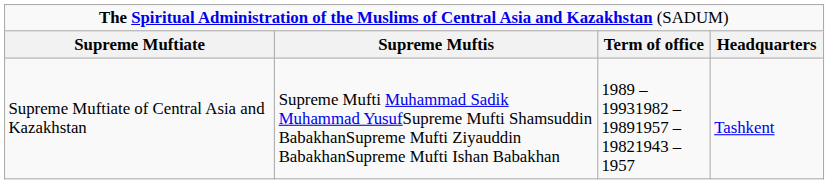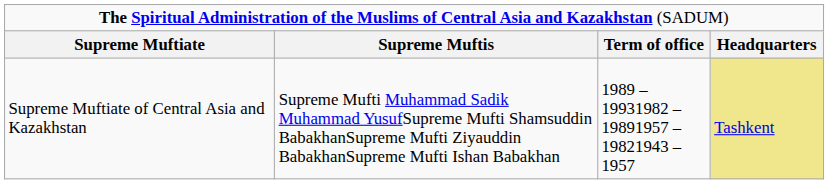 <table class=wikitable>
 <tr>
 <td colspan=4 align=center><strong>The <a href='#'>Spiritual Administration of the Muslims of Central Asia and Kazakhstan</a></strong> (SADUM)</td>
 </tr>
 <tr>
 <th scope="row" width="250">Supreme Muftiate</th>
 <th scope="row" width="300">Supreme Muftis</th>
 <th scope="row" width="100">Term of office</th>
 <th scope="row" width="100">Headquarters</th>
 </tr>
 <tr>
 <td>Supreme Muftiate of Central Asia and Kazakhstan</td>
 <td><br>Supreme Mufti <a href='#'>Muhammad Sadik Muhammad Yusuf</a>Supreme Mufti Shamsuddin BabakhanSupreme Mufti Ziyauddin BabakhanSupreme Mufti Ishan Babakhan</td>
 <td><br>1989 – 19931982 – 19891957 – 19821943 – 1957</td>
-<td><br><a href='#'>Tashkent</a></td>
+<td style="background: khaki;"><br><a href='#'>Tashkent</a></td>
 </tr>
 </table>
